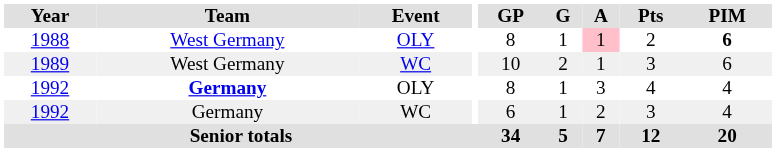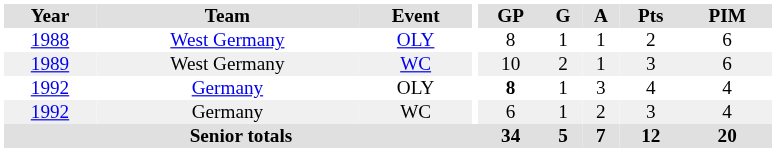 <table border="0" cellpadding="1" cellspacing="0" ID="Table3" style="text-align:center; width:40em">
 <tr bgcolor="#e0e0e0">
 <th>Year</th>
 <th>Team</th>
 <th>Event</th>
 <th rowspan="102" bgcolor="#ffffff"></th>
 <th>GP</th>
 <th>G</th>
 <th>A</th>
 <th>Pts</th>
 <th>PIM</th>
 </tr>
 <tr>
 <td><a href='#'>1988</a></td>
 <td><a href='#'>West Germany</a></td>
 <td><a href='#'>OLY</a></td>
 <td>8</td>
 <td>1</td>
-<td style="background: pink;">1</td>
+<td>1</td>
 <td>2</td>
-<td><strong>6</strong></td>
+<td>6</td>
 </tr>
 <tr bgcolor="#f0f0f0">
 <td><a href='#'>1989</a></td>
 <td>West Germany</td>
 <td><a href='#'>WC</a></td>
 <td>10</td>
 <td>2</td>
 <td>1</td>
 <td>3</td>
 <td>6</td>
 </tr>
 <tr>
 <td><a href='#'>1992</a></td>
-<td><strong><a href='#'>Germany</a></strong></td>
+<td><a href='#'>Germany</a></td>
 <td>OLY</td>
-<td>8</td>
+<td><strong>8</strong></td>
 <td>1</td>
 <td>3</td>
 <td>4</td>
 <td>4</td>
 </tr>
 <tr bgcolor="#f0f0f0">
 <td><a href='#'>1992</a></td>
 <td>Germany</td>
 <td>WC</td>
 <td>6</td>
 <td>1</td>
 <td>2</td>
 <td>3</td>
 <td>4</td>
 </tr>
 <tr bgcolor="#e0e0e0">
 <th colspan="4">Senior totals</th>
 <th>34</th>
 <th>5</th>
 <th>7</th>
 <th>12</th>
 <th>20</th>
 </tr>
 </table>
